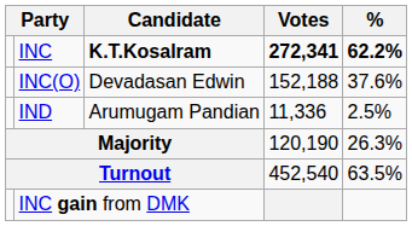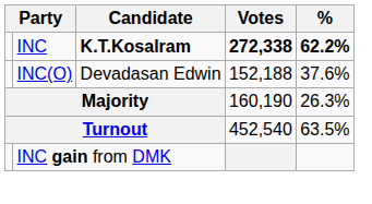 <table class="wikitable">
 <tr>
 <th colspan="2">Party</th>
 <th>Candidate</th>
 <th>Votes</th>
 <th>%</th>
 </tr>
 <tr>
 <td></td>
 <td><a href='#'>INC</a></td>
 <td><strong>K.T.Kosalram</strong></td>
-<td><strong>272,341</strong></td>
+<td><strong>272,338</strong></td>
 <td><strong>62.2%</strong></td>
 </tr>
 <tr>
 <td></td>
 <td><a href='#'>INC(O)</a></td>
 <td>Devadasan Edwin</td>
 <td>152,188</td>
 <td>37.6%</td>
 </tr>
 <tr>
-<td></td>
-<td><a href='#'>IND</a></td>
-<td>Arumugam Pandian</td>
-<td>11,336</td>
-<td>2.5%</td>
-</tr>
-<tr>
 <th colspan="3">Majority</th>
-<td>120,190</td>
+<td>160,190</td>
 <td>26.3%</td>
 </tr>
 <tr>
 <th colspan="3"><a href='#'>Turnout</a></th>
 <td>452,540</td>
 <td>63.5%</td>
 </tr>
 <tr>
 <td></td>
 <td colspan="2"><a href='#'>INC</a> <strong>gain</strong> from <a href='#'>DMK</a></td>
 <th></th>
 <td></td>
 </tr>
 </table>
